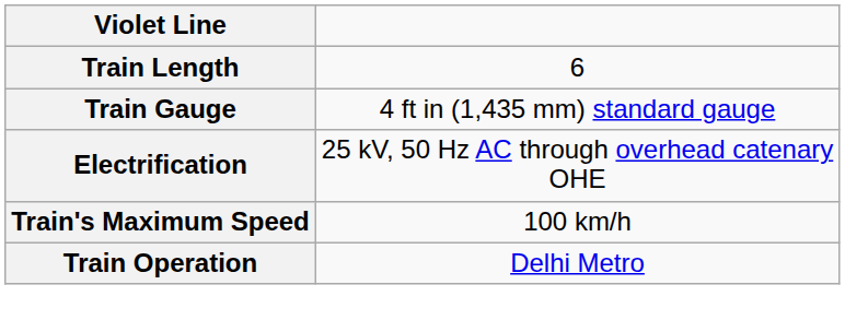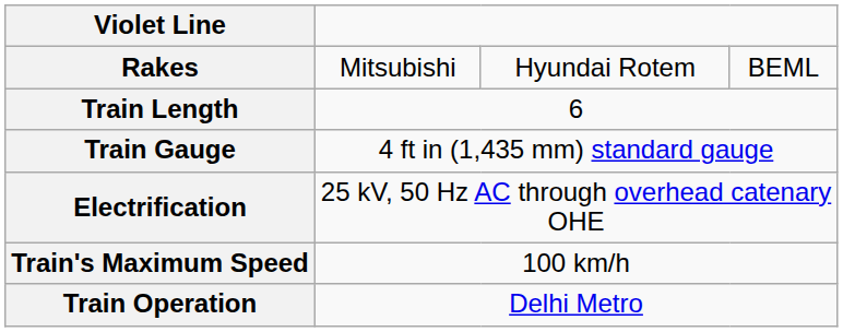 <table class="wikitable" style="text-align:center">
 <tr>
 <th style="background: #"><span>Violet Line</span></th>
+</tr>
+<tr>
+<th>Rakes</th>
+<td>Mitsubishi</td>
+<td>Hyundai Rotem</td>
+<td>BEML</td>
 </tr>
 <tr>
 <th>Train Length</th>
 <td colspan="3">6</td>
 </tr>
 <tr>
 <th>Train Gauge</th>
 <td colspan="3">4 ft  in (1,435 mm) <a href='#'>standard gauge</a></td>
 </tr>
 <tr>
 <th>Electrification</th>
 <td colspan="3">25 kV, 50 Hz <a href='#'>AC</a> through <a href='#'>overhead catenary</a><br>OHE</td>
 </tr>
 <tr>
 <th>Train's Maximum Speed</th>
 <td colspan="3">100 km/h</td>
 </tr>
 <tr>
 <th>Train Operation</th>
 <td colspan="3"><a href='#'>Delhi Metro</a></td>
 </tr>
 </table>
